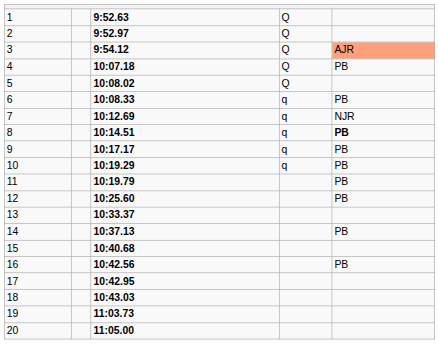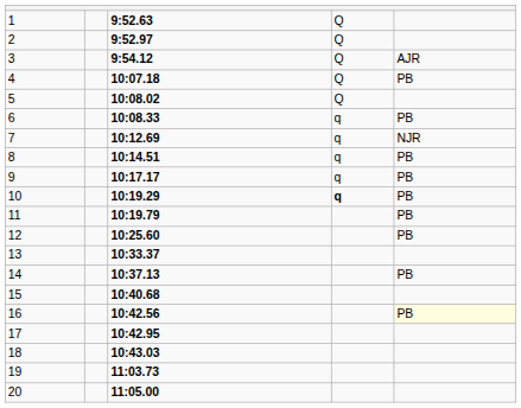 <table class="wikitable" width=75%>
 <tr>
 <th colspan="5"></th>
 </tr>
 <tr>
 <td>1</td>
 <td></td>
 <td><strong>9:52.63</strong></td>
 <td>Q</td>
 <td></td>
 </tr>
 <tr>
 <td>2</td>
 <td></td>
 <td><strong>9:52.97</strong></td>
 <td>Q</td>
 <td></td>
 </tr>
 <tr>
 <td>3</td>
 <td></td>
 <td><strong>9:54.12</strong></td>
 <td>Q</td>
-<td style="background: lightsalmon;">AJR</td>
+<td>AJR</td>
 </tr>
 <tr>
 <td>4</td>
 <td></td>
 <td><strong>10:07.18</strong></td>
 <td>Q</td>
 <td>PB</td>
 </tr>
 <tr>
 <td>5</td>
 <td></td>
 <td><strong>10:08.02</strong></td>
 <td>Q</td>
 <td></td>
 </tr>
 <tr>
 <td>6</td>
 <td></td>
 <td><strong>10:08.33</strong></td>
 <td>q</td>
 <td>PB</td>
 </tr>
 <tr>
 <td>7</td>
 <td></td>
 <td><strong>10:12.69</strong></td>
 <td>q</td>
 <td>NJR</td>
 </tr>
 <tr>
 <td>8</td>
 <td></td>
 <td><strong>10:14.51</strong></td>
 <td>q</td>
-<td><strong>PB</strong></td>
+<td>PB</td>
 </tr>
 <tr>
 <td>9</td>
 <td></td>
 <td><strong>10:17.17</strong></td>
 <td>q</td>
 <td>PB</td>
 </tr>
 <tr>
 <td>10</td>
 <td></td>
 <td><strong>10:19.29</strong></td>
-<td>q</td>
+<td><strong>q</strong></td>
 <td>PB</td>
 </tr>
 <tr>
 <td>11</td>
 <td></td>
 <td><strong>10:19.79</strong></td>
 <td></td>
 <td>PB</td>
 </tr>
 <tr>
 <td>12</td>
 <td></td>
 <td><strong>10:25.60</strong></td>
 <td></td>
 <td>PB</td>
 </tr>
 <tr>
 <td>13</td>
 <td></td>
 <td><strong>10:33.37</strong></td>
 <td></td>
 <td></td>
 </tr>
 <tr>
 <td>14</td>
 <td></td>
 <td><strong>10:37.13</strong></td>
 <td></td>
 <td>PB</td>
 </tr>
 <tr>
 <td>15</td>
 <td></td>
 <td><strong>10:40.68</strong></td>
 <td></td>
 <td></td>
 </tr>
 <tr>
 <td>16</td>
 <td></td>
 <td><strong>10:42.56</strong></td>
 <td></td>
-<td>PB</td>
+<td style="background: lightyellow;">PB</td>
 </tr>
 <tr>
 <td>17</td>
 <td></td>
 <td><strong>10:42.95</strong></td>
 <td></td>
 <td></td>
 </tr>
 <tr>
 <td>18</td>
 <td></td>
 <td><strong>10:43.03</strong></td>
 <td></td>
 <td></td>
 </tr>
 <tr>
 <td>19</td>
 <td></td>
 <td><strong>11:03.73</strong></td>
 <td></td>
 <td></td>
 </tr>
 <tr>
 <td>20</td>
 <td></td>
 <td><strong>11:05.00</strong></td>
 <td></td>
 <td></td>
 </tr>
 </table>
